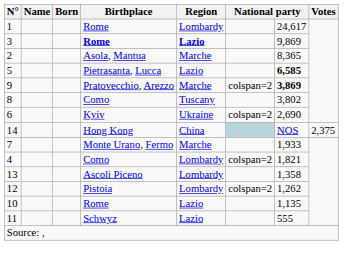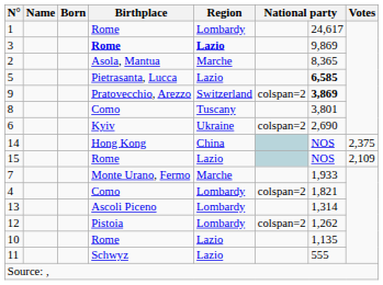 <table class="wikitable sortable" style="font-size:95%;line-height:14px;">
 <tr>
 <th>N°</th>
 <th>Name</th>
 <th>Born</th>
 <th>Birthplace</th>
 <th>Region</th>
 <th colspan="2">National party</th>
 <th>Votes</th>
 </tr>
 <tr>
 <td>1</td>
 <td></td>
 <td></td>
 <td><a href='#'>Rome</a></td>
 <td><a href='#'>Lombardy</a></td>
 <td></td>
 <td>24,617</td>
 </tr>
 <tr>
 <td>3</td>
 <td></td>
 <td></td>
 <td><strong><a href='#'>Rome</a></strong></td>
 <td><strong><a href='#'>Lazio</a></strong></td>
 <td></td>
 <td>9,869</td>
 </tr>
 <tr>
 <td>2</td>
 <td></td>
 <td></td>
 <td><a href='#'>Asola</a>, <a href='#'>Mantua</a></td>
 <td><a href='#'>Marche</a></td>
 <td></td>
 <td>8,365</td>
 </tr>
 <tr>
 <td>5</td>
 <td></td>
 <td></td>
 <td><a href='#'>Pietrasanta</a>, <a href='#'>Lucca</a></td>
 <td><a href='#'>Lazio</a></td>
 <td></td>
 <td><strong>6,585</strong></td>
 </tr>
 <tr>
 <td>9</td>
 <td></td>
 <td></td>
 <td><a href='#'>Pratovecchio</a>, <a href='#'>Arezzo</a></td>
-<td><a href='#'>Marche</a></td>
+<td><a href='#'>Switzerland</a></td>
 <td>colspan=2 </td>
 <td><strong>3,869</strong></td>
 </tr>
 <tr>
 <td>8</td>
 <td></td>
 <td></td>
 <td><a href='#'>Como</a></td>
 <td><a href='#'>Tuscany</a></td>
 <td></td>
-<td>3,802</td>
+<td>3,801</td>
 </tr>
 <tr>
 <td>6</td>
 <td></td>
 <td></td>
 <td><a href='#'>Kyiv</a></td>
 <td><a href='#'>Ukraine</a></td>
 <td>colspan=2 </td>
 <td>2,690</td>
 </tr>
 <tr>
 <td>14</td>
 <td></td>
 <td></td>
 <td><a href='#'>Hong Kong</a></td>
 <td><a href='#'>China</a></td>
 <td style="background:#B8D5DB;"></td>
 <td><a href='#'>NOS</a></td>
 <td>2,375</td>
+</tr>
+<tr>
+<td>15</td>
+<td></td>
+<td></td>
+<td><a href='#'>Rome</a></td>
+<td><a href='#'>Lazio</a></td>
+<td style="background:#B8D5DB;"></td>
+<td><a href='#'>NOS</a></td>
+<td>2,109</td>
 </tr>
 <tr>
 <td>7</td>
 <td></td>
 <td></td>
 <td><a href='#'>Monte Urano</a>, <a href='#'>Fermo</a></td>
 <td><a href='#'>Marche</a></td>
 <td></td>
 <td>1,933</td>
 </tr>
 <tr>
 <td>4</td>
 <td></td>
 <td></td>
 <td><a href='#'>Como</a></td>
 <td><a href='#'>Lombardy</a></td>
 <td>colspan=2 </td>
 <td>1,821</td>
 </tr>
 <tr>
 <td>13</td>
 <td></td>
 <td></td>
 <td><a href='#'>Ascoli Piceno</a></td>
 <td><a href='#'>Lombardy</a></td>
 <td></td>
-<td>1,358</td>
+<td>1,314</td>
 </tr>
 <tr>
 <td>12</td>
 <td></td>
 <td></td>
 <td><a href='#'>Pistoia</a></td>
 <td><a href='#'>Lombardy</a></td>
 <td>colspan=2 </td>
 <td>1,262</td>
 </tr>
 <tr>
 <td>10</td>
 <td></td>
 <td></td>
 <td><a href='#'>Rome</a></td>
 <td><a href='#'>Lazio</a></td>
 <td></td>
 <td>1,135</td>
 </tr>
 <tr>
 <td>11</td>
 <td></td>
 <td></td>
 <td><a href='#'>Schwyz</a></td>
 <td><a href='#'>Lazio</a></td>
 <td></td>
 <td>555</td>
 </tr>
 <tr>
 <td colspan="8">Source: , </td>
 </tr>
 </table>
